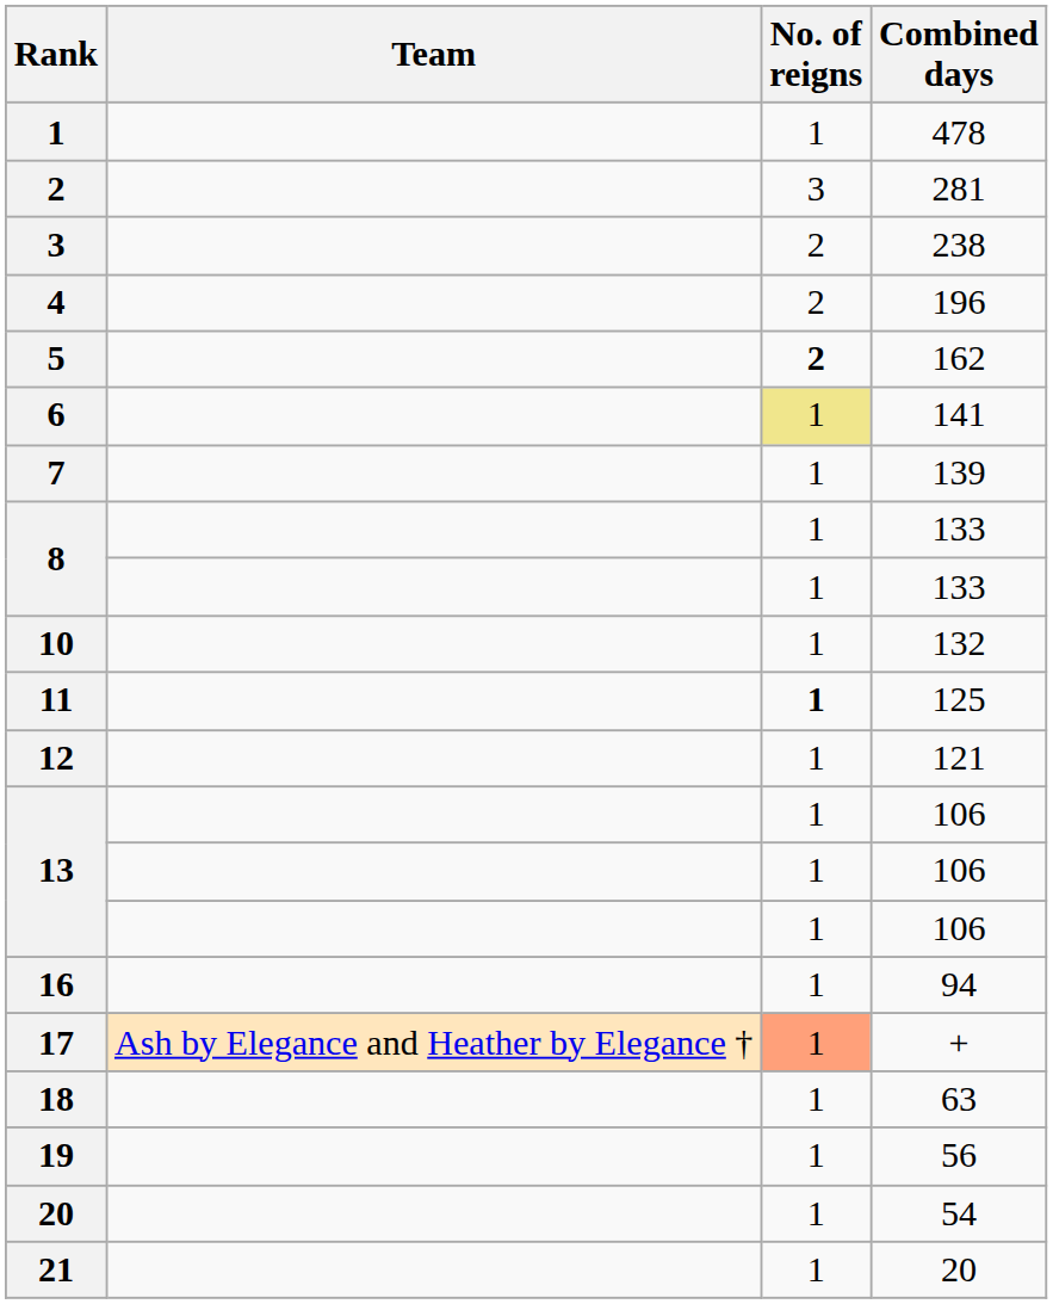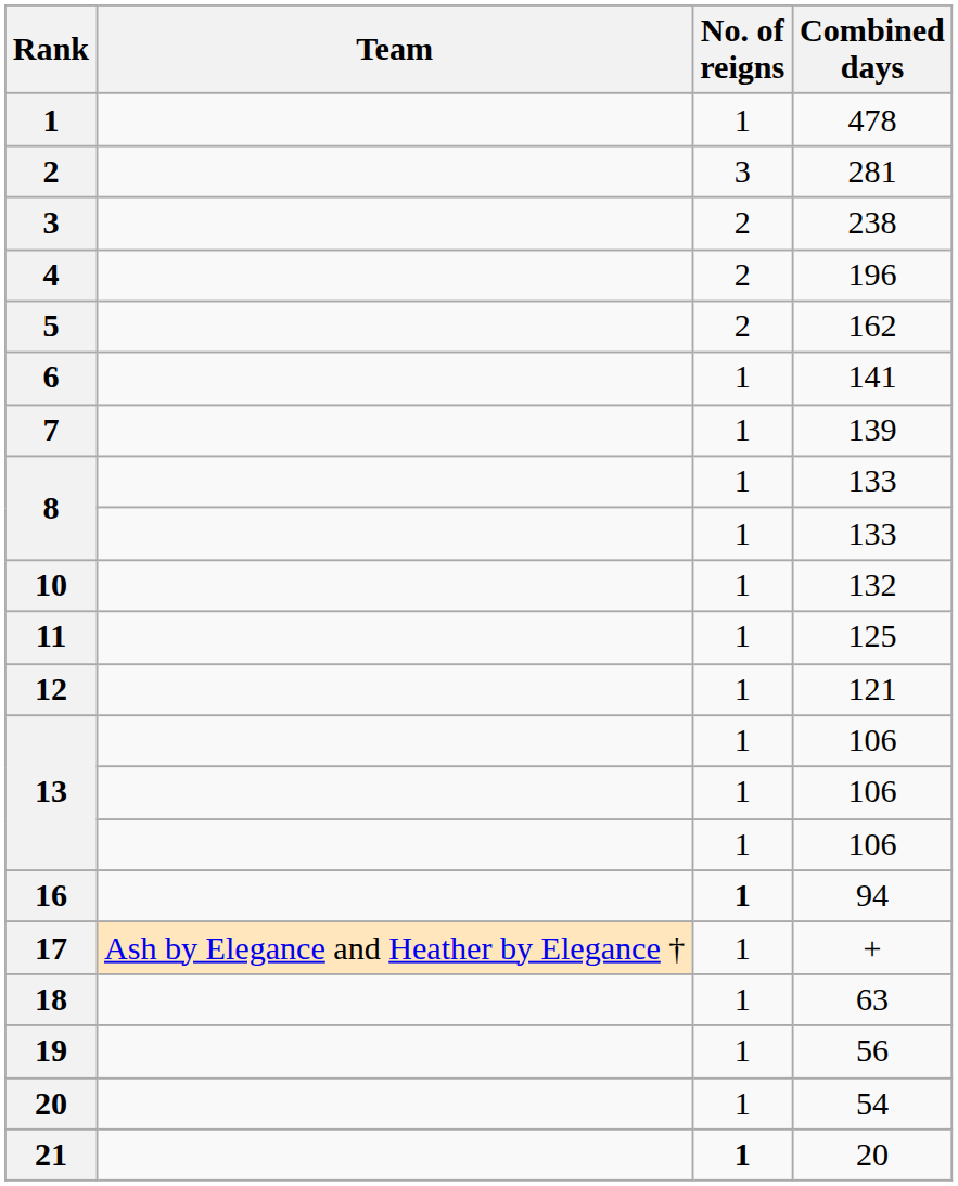 <table class="wikitable sortable" style="text-align: center">
 <tr>
 <th>Rank</th>
 <th>Team</th>
 <th>No. of<br>reigns</th>
 <th>Combined<br>days</th>
 </tr>
 <tr>
 <th>1</th>
 <td></td>
 <td>1</td>
 <td>478</td>
 </tr>
 <tr>
 <th>2</th>
 <td><br></td>
 <td>3</td>
 <td>281</td>
 </tr>
 <tr>
 <th>3</th>
 <td> <br></td>
 <td>2</td>
 <td>238</td>
 </tr>
 <tr>
 <th>4</th>
 <td><br></td>
 <td>2</td>
 <td>196</td>
 </tr>
 <tr>
 <th>5</th>
 <td><br></td>
-<td><strong>2</strong></td>
+<td>2</td>
 <td>162</td>
 </tr>
 <tr>
 <th>6</th>
 <td><br></td>
-<td style="background: khaki;">1</td>
+<td>1</td>
 <td>141</td>
 </tr>
 <tr>
 <th>7</th>
 <td><br></td>
 <td>1</td>
 <td>139</td>
 </tr>
 <tr>
 <th rowspan="2">8</th>
 <td><br></td>
 <td>1</td>
 <td>133</td>
 </tr>
 <tr>
 <td> <br></td>
 <td>1</td>
 <td>133</td>
 </tr>
 <tr>
 <th>10</th>
 <td></td>
 <td>1</td>
 <td>132</td>
 </tr>
 <tr>
 <th>11</th>
 <td></td>
-<td><strong>1</strong></td>
+<td>1</td>
 <td>125</td>
 </tr>
 <tr>
 <th>12</th>
 <td><br></td>
 <td>1</td>
 <td>121</td>
 </tr>
 <tr>
 <th rowspan="3">13</th>
 <td><br></td>
 <td>1</td>
 <td>106</td>
 </tr>
 <tr>
 <td></td>
 <td>1</td>
 <td>106</td>
 </tr>
 <tr>
 <td><br></td>
 <td>1</td>
 <td>106</td>
 </tr>
 <tr>
 <th>16</th>
 <td></td>
-<td>1</td>
+<td><strong>1</strong></td>
 <td>94</td>
 </tr>
 <tr>
 <th>17</th>
 <td style="background-color: #ffe6bd"><a href='#'>Ash by Elegance</a> and <a href='#'>Heather by Elegance</a> †</td>
-<td style="background: lightsalmon;">1</td>
+<td>1</td>
 <td>+</td>
 </tr>
 <tr>
 <th>18</th>
 <td></td>
 <td>1</td>
 <td>63</td>
 </tr>
 <tr>
 <th>19</th>
 <td><br></td>
 <td>1</td>
 <td>56</td>
 </tr>
 <tr>
 <th>20</th>
 <td></td>
 <td>1</td>
 <td>54</td>
 </tr>
 <tr>
 <th>21</th>
 <td></td>
-<td>1</td>
+<td><strong>1</strong></td>
 <td>20</td>
 </tr>
 </table>
